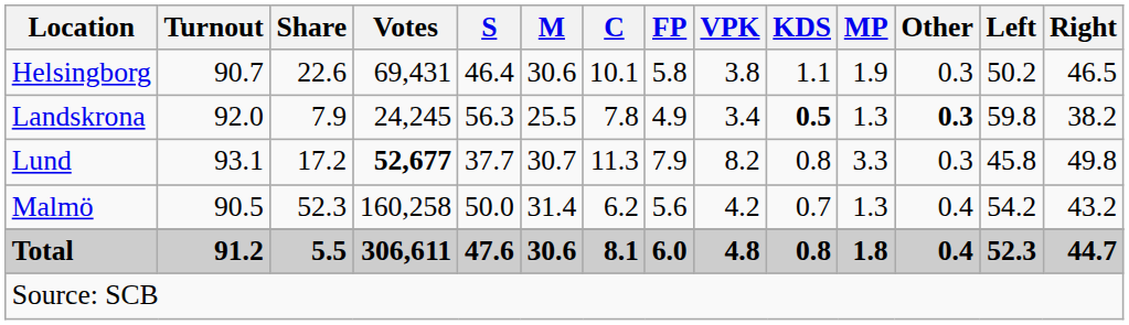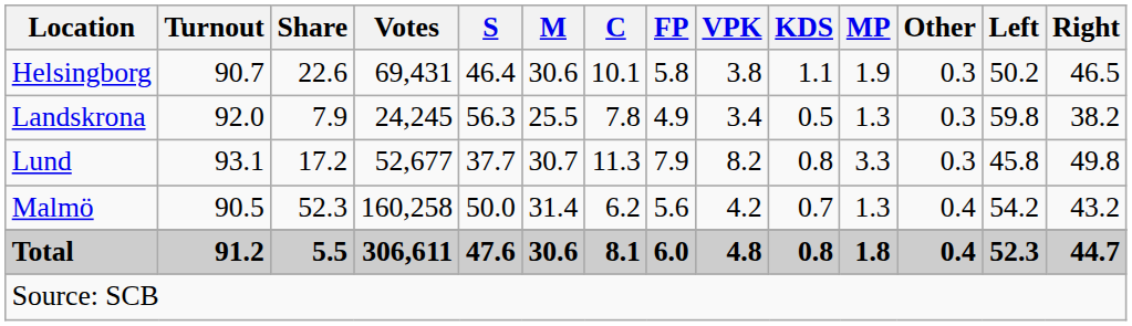 <table class="wikitable sortable" style=text-align:right>
 <tr>
 <th>Location</th>
 <th>Turnout</th>
 <th>Share</th>
 <th>Votes</th>
 <th><a href='#'>S</a></th>
 <th><a href='#'>M</a></th>
 <th><a href='#'>C</a></th>
 <th><a href='#'>FP</a></th>
 <th><a href='#'>VPK</a></th>
 <th><a href='#'>KDS</a></th>
 <th><a href='#'>MP</a></th>
 <th>Other</th>
 <th>Left</th>
 <th>Right</th>
 </tr>
 <tr>
 <td align=left><a href='#'>Helsingborg</a></td>
 <td>90.7</td>
 <td>22.6</td>
 <td>69,431</td>
 <td>46.4</td>
 <td>30.6</td>
 <td>10.1</td>
 <td>5.8</td>
 <td>3.8</td>
 <td>1.1</td>
 <td>1.9</td>
 <td>0.3</td>
 <td>50.2</td>
 <td>46.5</td>
 </tr>
 <tr>
 <td align=left><a href='#'>Landskrona</a></td>
 <td>92.0</td>
 <td>7.9</td>
 <td>24,245</td>
 <td>56.3</td>
 <td>25.5</td>
 <td>7.8</td>
 <td>4.9</td>
 <td>3.4</td>
-<td><strong>0.5</strong></td>
+<td>0.5</td>
 <td>1.3</td>
-<td><strong>0.3</strong></td>
+<td>0.3</td>
 <td>59.8</td>
 <td>38.2</td>
 </tr>
 <tr>
 <td align=left><a href='#'>Lund</a></td>
 <td>93.1</td>
 <td>17.2</td>
-<td><strong>52,677</strong></td>
+<td>52,677</td>
 <td>37.7</td>
 <td>30.7</td>
 <td>11.3</td>
 <td>7.9</td>
 <td>8.2</td>
 <td>0.8</td>
 <td>3.3</td>
 <td>0.3</td>
 <td>45.8</td>
 <td>49.8</td>
 </tr>
 <tr>
 <td align=left><a href='#'>Malmö</a></td>
 <td>90.5</td>
 <td>52.3</td>
 <td>160,258</td>
 <td>50.0</td>
 <td>31.4</td>
 <td>6.2</td>
 <td>5.6</td>
 <td>4.2</td>
 <td>0.7</td>
 <td>1.3</td>
 <td>0.4</td>
 <td>54.2</td>
 <td>43.2</td>
 </tr>
 <tr>
 </tr>
 <tr style="background:#CDCDCD;">
 <td align=left><strong>Total</strong></td>
 <td><strong>91.2</strong></td>
 <td><strong>5.5</strong></td>
 <td><strong>306,611</strong></td>
 <td><strong>47.6</strong></td>
 <td><strong>30.6</strong></td>
 <td><strong>8.1</strong></td>
 <td><strong>6.0</strong></td>
 <td><strong>4.8</strong></td>
 <td><strong>0.8</strong></td>
 <td><strong>1.8</strong></td>
 <td><strong>0.4</strong></td>
 <td><strong>52.3</strong></td>
 <td><strong>44.7</strong></td>
 </tr>
 <tr>
 <td align=left colspan=14>Source: SCB </td>
 </tr>
 </table>
